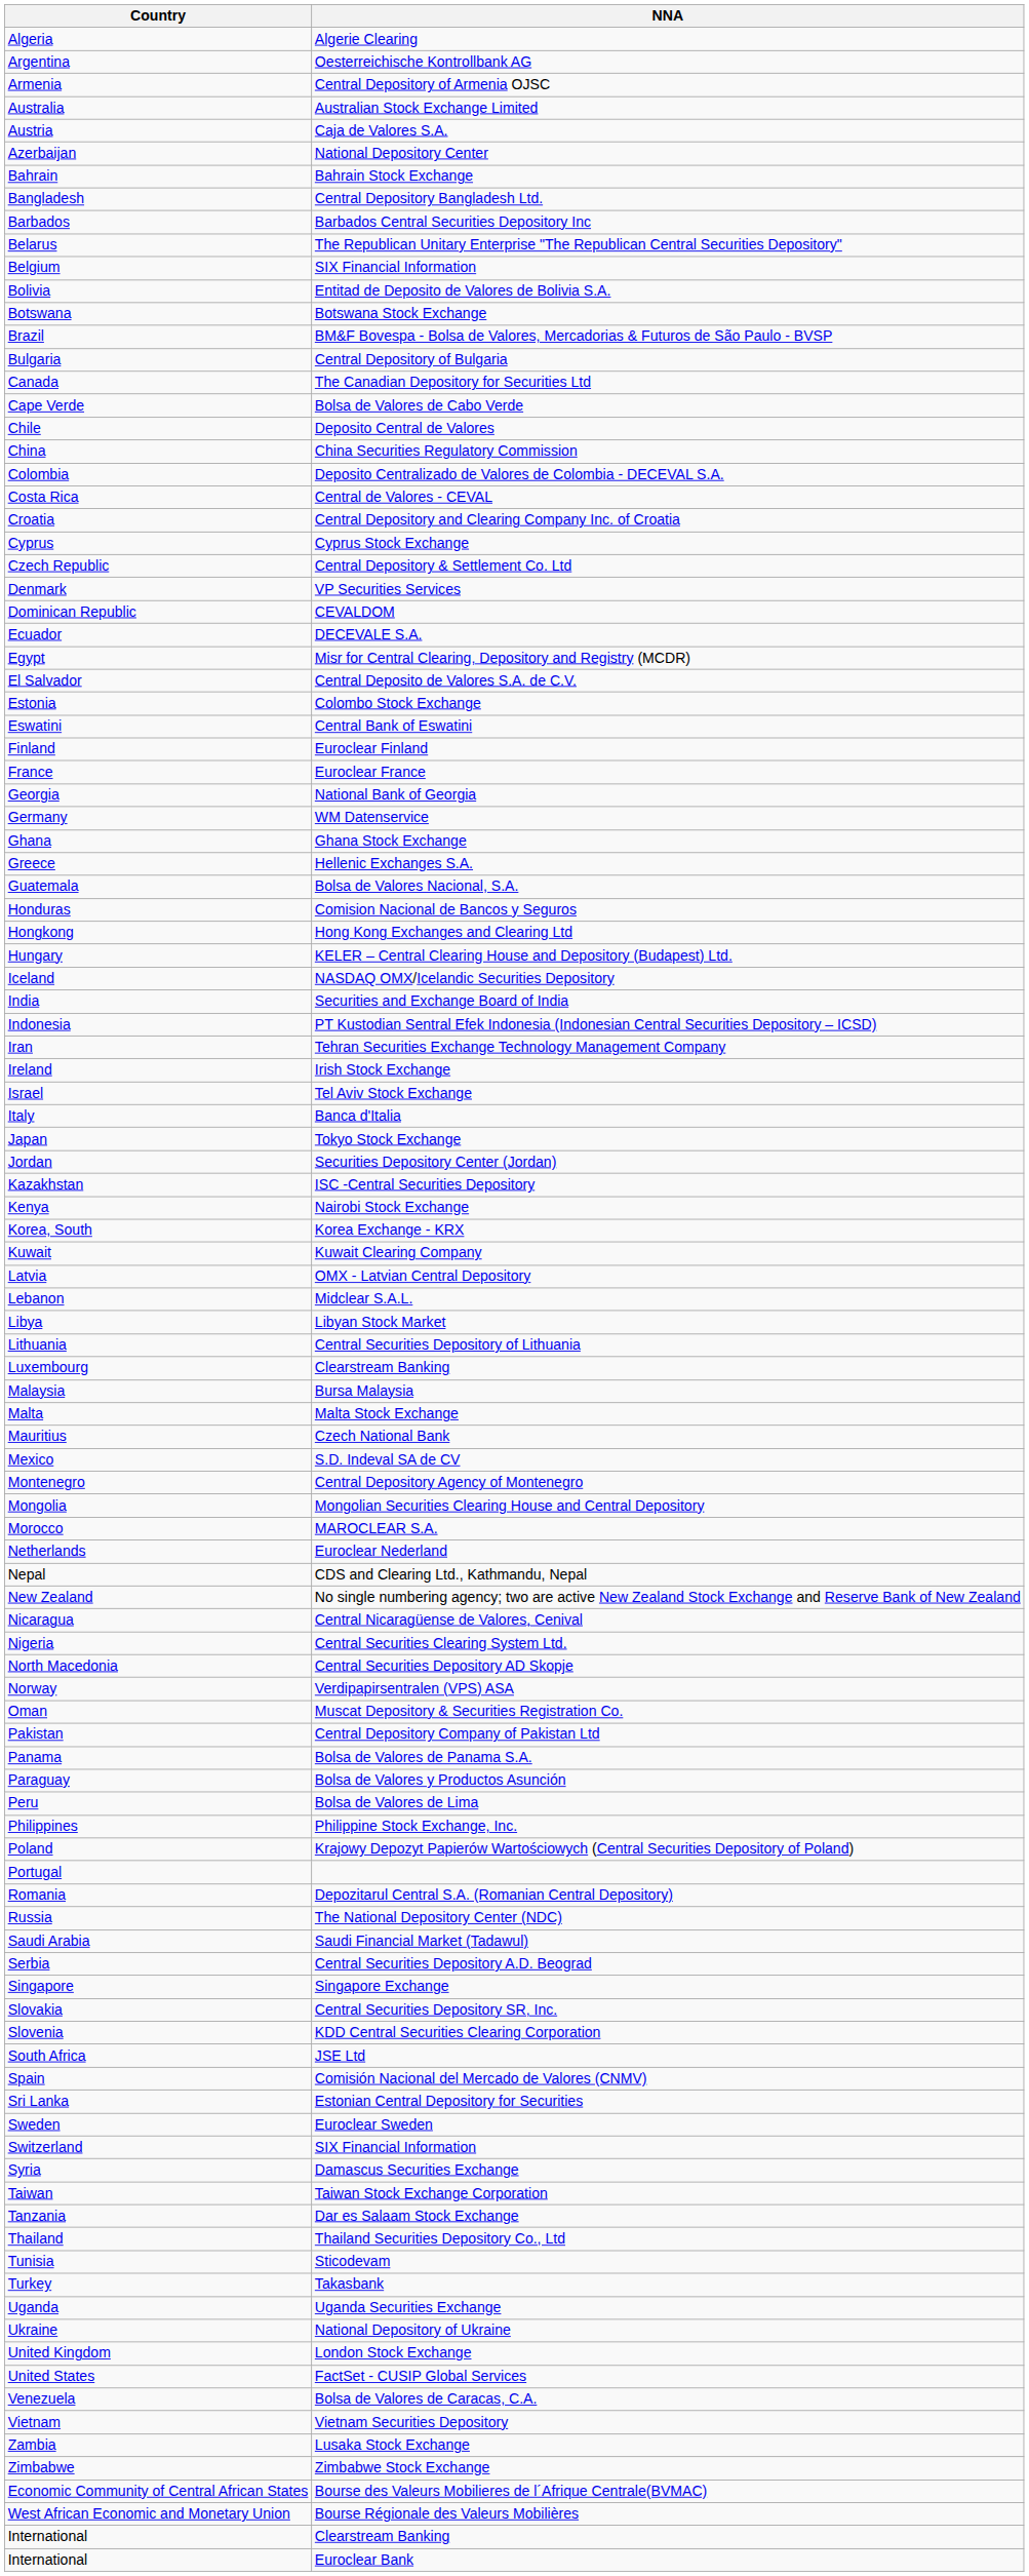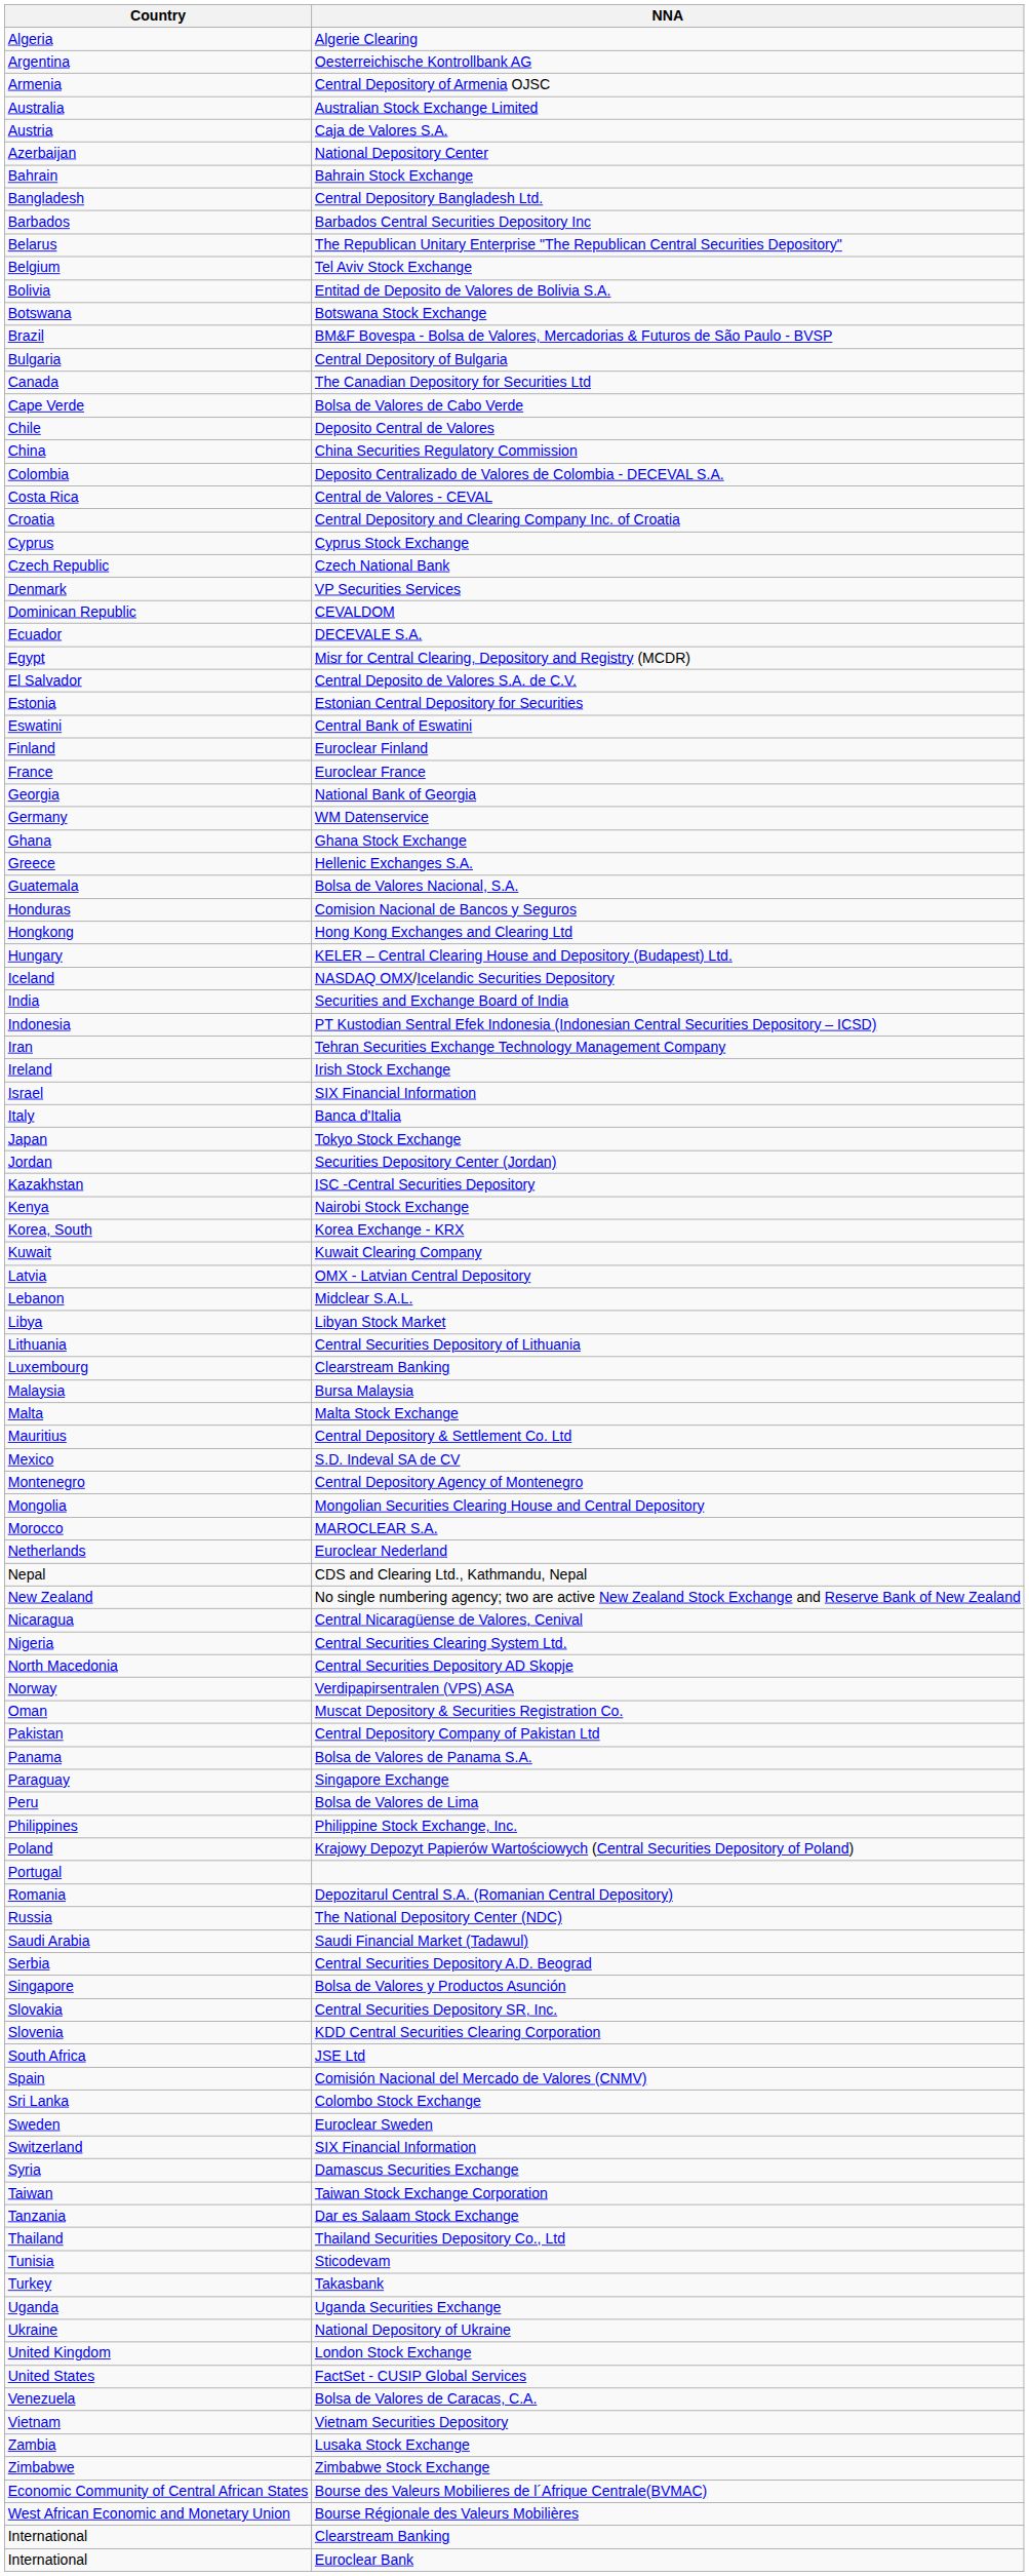 <table class="wikitable">
 <tr>
 <th>Country</th>
 <th>NNA</th>
 </tr>
 <tr>
 <td><a href='#'>Algeria</a></td>
 <td><a href='#'>Algerie Clearing</a></td>
 </tr>
 <tr>
 <td><a href='#'>Argentina</a></td>
 <td><a href='#'>Oesterreichische Kontrollbank AG</a></td>
 </tr>
 <tr>
 <td><a href='#'>Armenia</a></td>
 <td><a href='#'>Central Depository of Armenia</a> OJSC</td>
 </tr>
 <tr>
 <td><a href='#'>Australia</a></td>
 <td><a href='#'>Australian Stock Exchange Limited</a></td>
 </tr>
 <tr>
 <td><a href='#'>Austria</a></td>
 <td><a href='#'>Caja de Valores S.A.</a></td>
 </tr>
 <tr>
 <td><a href='#'>Azerbaijan</a></td>
 <td><a href='#'>National Depository Center</a></td>
 </tr>
 <tr>
 <td><a href='#'>Bahrain</a></td>
 <td><a href='#'>Bahrain Stock Exchange</a></td>
 </tr>
 <tr>
 <td><a href='#'>Bangladesh</a></td>
 <td><a href='#'>Central Depository Bangladesh Ltd.</a></td>
 </tr>
 <tr>
 <td><a href='#'>Barbados</a></td>
 <td><a href='#'>Barbados Central Securities Depository Inc</a></td>
 </tr>
 <tr>
 <td><a href='#'>Belarus</a></td>
 <td><a href='#'>The Republican Unitary Enterprise "The Republican Central Securities Depository"</a></td>
 </tr>
 <tr>
 <td><a href='#'>Belgium</a></td>
-<td><a href='#'>SIX Financial Information</a></td>
+<td><a href='#'>Tel Aviv Stock Exchange</a></td>
 </tr>
 <tr>
 <td><a href='#'>Bolivia</a></td>
 <td><a href='#'>Entitad de Deposito de Valores de Bolivia S.A.</a></td>
 </tr>
 <tr>
 <td><a href='#'>Botswana</a></td>
 <td><a href='#'>Botswana Stock Exchange</a></td>
 </tr>
 <tr>
 <td><a href='#'>Brazil</a></td>
 <td><a href='#'>BM&F Bovespa - Bolsa de Valores, Mercadorias & Futuros de São Paulo - BVSP</a></td>
 </tr>
 <tr>
 <td><a href='#'>Bulgaria</a></td>
 <td><a href='#'>Central Depository of Bulgaria</a></td>
 </tr>
 <tr>
 <td><a href='#'>Canada</a></td>
 <td><a href='#'>The Canadian Depository for Securities Ltd</a></td>
 </tr>
 <tr>
 <td><a href='#'>Cape Verde</a></td>
 <td><a href='#'>Bolsa de Valores de Cabo Verde</a></td>
 </tr>
 <tr>
 <td><a href='#'>Chile</a></td>
 <td><a href='#'>Deposito Central de Valores</a></td>
 </tr>
 <tr>
 <td><a href='#'>China</a></td>
 <td><a href='#'>China Securities Regulatory Commission</a></td>
 </tr>
 <tr>
 <td><a href='#'>Colombia</a></td>
 <td><a href='#'>Deposito Centralizado de Valores de Colombia - DECEVAL S.A.</a></td>
 </tr>
 <tr>
 <td><a href='#'>Costa Rica</a></td>
 <td><a href='#'>Central de Valores - CEVAL</a></td>
 </tr>
 <tr>
 <td><a href='#'>Croatia</a></td>
 <td><a href='#'>Central Depository and Clearing Company Inc. of Croatia</a></td>
 </tr>
 <tr>
 <td><a href='#'>Cyprus</a></td>
 <td><a href='#'>Cyprus Stock Exchange</a></td>
 </tr>
 <tr>
 <td><a href='#'>Czech Republic</a></td>
-<td><a href='#'>Central Depository & Settlement Co. Ltd</a></td>
+<td><a href='#'>Czech National Bank</a></td>
 </tr>
 <tr>
 <td><a href='#'>Denmark</a></td>
 <td><a href='#'>VP Securities Services</a></td>
 </tr>
 <tr>
 <td><a href='#'>Dominican Republic</a></td>
 <td><a href='#'>CEVALDOM</a></td>
 </tr>
 <tr>
 <td><a href='#'>Ecuador</a></td>
 <td><a href='#'>DECEVALE S.A.</a></td>
 </tr>
 <tr>
 <td><a href='#'>Egypt</a></td>
 <td><a href='#'>Misr for Central Clearing, Depository and Registry</a> (MCDR)</td>
 </tr>
 <tr>
 <td><a href='#'>El Salvador</a></td>
 <td><a href='#'>Central Deposito de Valores S.A. de C.V.</a></td>
 </tr>
 <tr>
 <td><a href='#'>Estonia</a></td>
-<td><a href='#'>Colombo Stock Exchange</a></td>
+<td><a href='#'>Estonian Central Depository for Securities</a></td>
 </tr>
 <tr>
 <td><a href='#'>Eswatini</a></td>
 <td><a href='#'>Central Bank of Eswatini</a></td>
 </tr>
 <tr>
 <td><a href='#'>Finland</a></td>
 <td><a href='#'>Euroclear Finland</a></td>
 </tr>
 <tr>
 <td><a href='#'>France</a></td>
 <td><a href='#'>Euroclear France</a></td>
 </tr>
 <tr>
 <td><a href='#'>Georgia</a></td>
 <td><a href='#'>National Bank of Georgia</a></td>
 </tr>
 <tr>
 <td><a href='#'>Germany</a></td>
 <td><a href='#'>WM Datenservice</a></td>
 </tr>
 <tr>
 <td><a href='#'>Ghana</a></td>
 <td><a href='#'>Ghana Stock Exchange</a></td>
 </tr>
 <tr>
 <td><a href='#'>Greece</a></td>
 <td><a href='#'>Hellenic Exchanges S.A.</a></td>
 </tr>
 <tr>
 <td><a href='#'>Guatemala</a></td>
 <td><a href='#'>Bolsa de Valores Nacional, S.A.</a></td>
 </tr>
 <tr>
 <td><a href='#'>Honduras</a></td>
 <td><a href='#'>Comision Nacional de Bancos y Seguros</a></td>
 </tr>
 <tr>
 <td><a href='#'>Hongkong</a></td>
 <td><a href='#'>Hong Kong Exchanges and Clearing Ltd</a></td>
 </tr>
 <tr>
 <td><a href='#'>Hungary</a></td>
 <td><a href='#'>KELER – Central Clearing House and Depository (Budapest) Ltd.</a></td>
 </tr>
 <tr>
 <td><a href='#'>Iceland</a></td>
 <td><a href='#'>NASDAQ OMX</a>/<a href='#'>Icelandic Securities Depository</a></td>
 </tr>
 <tr>
 <td><a href='#'>India</a></td>
 <td><a href='#'>Securities and Exchange Board of India</a></td>
 </tr>
 <tr>
 <td><a href='#'>Indonesia</a></td>
 <td><a href='#'>PT Kustodian Sentral Efek Indonesia (Indonesian Central Securities Depository – ICSD)</a></td>
 </tr>
 <tr>
 <td><a href='#'>Iran</a></td>
 <td><a href='#'>Tehran Securities Exchange Technology Management Company</a></td>
 </tr>
 <tr>
 <td><a href='#'>Ireland</a></td>
 <td><a href='#'>Irish Stock Exchange</a></td>
 </tr>
 <tr>
 <td><a href='#'>Israel</a></td>
-<td><a href='#'>Tel Aviv Stock Exchange</a></td>
+<td><a href='#'>SIX Financial Information</a></td>
 </tr>
 <tr>
 <td><a href='#'>Italy</a></td>
 <td><a href='#'>Banca d'Italia</a></td>
 </tr>
 <tr>
 <td><a href='#'>Japan</a></td>
 <td><a href='#'>Tokyo Stock Exchange</a></td>
 </tr>
 <tr>
 <td><a href='#'>Jordan</a></td>
 <td><a href='#'>Securities Depository Center (Jordan)</a></td>
 </tr>
 <tr>
 <td><a href='#'>Kazakhstan</a></td>
 <td><a href='#'>ISC -Central Securities Depository</a></td>
 </tr>
 <tr>
 <td><a href='#'>Kenya</a></td>
 <td><a href='#'>Nairobi Stock Exchange</a></td>
 </tr>
 <tr>
 <td><a href='#'>Korea, South</a></td>
 <td><a href='#'>Korea Exchange - KRX</a></td>
 </tr>
 <tr>
 <td><a href='#'>Kuwait</a></td>
 <td><a href='#'>Kuwait Clearing Company</a></td>
 </tr>
 <tr>
 <td><a href='#'>Latvia</a></td>
 <td><a href='#'>OMX - Latvian Central Depository</a></td>
 </tr>
 <tr>
 <td><a href='#'>Lebanon</a></td>
 <td><a href='#'>Midclear S.A.L.</a></td>
 </tr>
 <tr>
 <td><a href='#'>Libya</a></td>
 <td><a href='#'>Libyan Stock Market</a></td>
 </tr>
 <tr>
 <td><a href='#'>Lithuania</a></td>
 <td><a href='#'>Central Securities Depository of Lithuania</a></td>
 </tr>
 <tr>
 <td><a href='#'>Luxembourg</a></td>
 <td><a href='#'>Clearstream Banking</a></td>
 </tr>
 <tr>
 <td><a href='#'>Malaysia</a></td>
 <td><a href='#'>Bursa Malaysia</a></td>
 </tr>
 <tr>
 <td><a href='#'>Malta</a></td>
 <td><a href='#'>Malta Stock Exchange</a></td>
 </tr>
 <tr>
 <td><a href='#'>Mauritius</a></td>
-<td><a href='#'>Czech National Bank</a></td>
+<td><a href='#'>Central Depository & Settlement Co. Ltd</a></td>
 </tr>
 <tr>
 <td><a href='#'>Mexico</a></td>
 <td><a href='#'>S.D. Indeval SA de CV</a></td>
 </tr>
 <tr>
 <td><a href='#'>Montenegro</a></td>
 <td><a href='#'>Central Depository Agency of Montenegro</a></td>
 </tr>
 <tr>
 <td><a href='#'>Mongolia</a></td>
 <td><a href='#'>Mongolian Securities Clearing House and Central Depository</a></td>
 </tr>
 <tr>
 <td><a href='#'>Morocco</a></td>
 <td><a href='#'>MAROCLEAR S.A.</a></td>
 </tr>
 <tr>
 <td><a href='#'>Netherlands</a></td>
 <td><a href='#'>Euroclear Nederland</a></td>
 </tr>
 <tr>
 <td>Nepal</td>
 <td>CDS and Clearing Ltd., Kathmandu, Nepal</td>
 </tr>
 <tr>
 <td><a href='#'>New Zealand</a></td>
 <td>No single numbering agency; two are active <a href='#'>New Zealand Stock Exchange</a> and <a href='#'>Reserve Bank of New Zealand</a></td>
 </tr>
 <tr>
 <td><a href='#'>Nicaragua</a></td>
 <td><a href='#'>Central Nicaragüense de Valores, Cenival</a></td>
 </tr>
 <tr>
 <td><a href='#'>Nigeria</a></td>
 <td><a href='#'>Central Securities Clearing System Ltd.</a></td>
 </tr>
 <tr>
 <td><a href='#'>North Macedonia</a></td>
 <td><a href='#'>Central Securities Depository AD Skopje</a></td>
 </tr>
 <tr>
 <td><a href='#'>Norway</a></td>
 <td><a href='#'>Verdipapirsentralen (VPS) ASA</a></td>
 </tr>
 <tr>
 <td><a href='#'>Oman</a></td>
 <td><a href='#'>Muscat Depository & Securities Registration Co.</a></td>
 </tr>
 <tr>
 <td><a href='#'>Pakistan</a></td>
 <td><a href='#'>Central Depository Company of Pakistan Ltd</a></td>
 </tr>
 <tr>
 <td><a href='#'>Panama</a></td>
 <td><a href='#'>Bolsa de Valores de Panama S.A.</a></td>
 </tr>
 <tr>
 <td><a href='#'>Paraguay</a></td>
-<td><a href='#'>Bolsa de Valores y Productos Asunción</a></td>
+<td><a href='#'>Singapore Exchange</a></td>
 </tr>
 <tr>
 <td><a href='#'>Peru</a></td>
 <td><a href='#'>Bolsa de Valores de Lima</a></td>
 </tr>
 <tr>
 <td><a href='#'>Philippines</a></td>
 <td><a href='#'>Philippine Stock Exchange, Inc.</a></td>
 </tr>
 <tr>
 <td><a href='#'>Poland</a></td>
 <td><a href='#'>Krajowy Depozyt Papierów Wartościowych</a> (<a href='#'>Central Securities Depository of Poland</a>)</td>
 </tr>
 <tr>
 <td><a href='#'>Portugal</a></td>
 <td></td>
 </tr>
 <tr>
 <td><a href='#'>Romania</a></td>
 <td><a href='#'>Depozitarul Central S.A. (Romanian Central Depository)</a></td>
 </tr>
 <tr>
 <td><a href='#'>Russia</a></td>
 <td><a href='#'>The National Depository Center (NDC)</a></td>
 </tr>
 <tr>
 <td><a href='#'>Saudi Arabia</a></td>
 <td><a href='#'>Saudi Financial Market (Tadawul)</a></td>
 </tr>
 <tr>
 <td><a href='#'>Serbia</a></td>
 <td><a href='#'>Central Securities Depository A.D. Beograd</a></td>
 </tr>
 <tr>
 <td><a href='#'>Singapore</a></td>
-<td><a href='#'>Singapore Exchange</a></td>
+<td><a href='#'>Bolsa de Valores y Productos Asunción</a></td>
 </tr>
 <tr>
 <td><a href='#'>Slovakia</a></td>
 <td><a href='#'>Central Securities Depository SR, Inc.</a></td>
 </tr>
 <tr>
 <td><a href='#'>Slovenia</a></td>
 <td><a href='#'>KDD Central Securities Clearing Corporation</a></td>
 </tr>
 <tr>
 <td><a href='#'>South Africa</a></td>
 <td><a href='#'>JSE Ltd</a></td>
 </tr>
 <tr>
 <td><a href='#'>Spain</a></td>
 <td><a href='#'>Comisión Nacional del Mercado de Valores (CNMV)</a></td>
 </tr>
 <tr>
 <td><a href='#'>Sri Lanka</a></td>
-<td><a href='#'>Estonian Central Depository for Securities</a></td>
+<td><a href='#'>Colombo Stock Exchange</a></td>
 </tr>
 <tr>
 <td><a href='#'>Sweden</a></td>
 <td><a href='#'>Euroclear Sweden</a></td>
 </tr>
 <tr>
 <td><a href='#'>Switzerland</a></td>
 <td><a href='#'>SIX Financial Information</a></td>
 </tr>
 <tr>
 <td><a href='#'>Syria</a></td>
 <td><a href='#'>Damascus Securities Exchange</a></td>
 </tr>
 <tr>
 <td><a href='#'>Taiwan</a></td>
 <td><a href='#'>Taiwan Stock Exchange Corporation</a></td>
 </tr>
 <tr>
 <td><a href='#'>Tanzania</a></td>
 <td><a href='#'>Dar es Salaam Stock Exchange</a></td>
 </tr>
 <tr>
 <td><a href='#'>Thailand</a></td>
 <td><a href='#'>Thailand Securities Depository Co., Ltd</a></td>
 </tr>
 <tr>
 <td><a href='#'>Tunisia</a></td>
 <td><a href='#'>Sticodevam</a></td>
 </tr>
 <tr>
 <td><a href='#'>Turkey</a></td>
 <td><a href='#'>Takasbank</a></td>
 </tr>
 <tr>
 <td><a href='#'>Uganda</a></td>
 <td><a href='#'>Uganda Securities Exchange</a></td>
 </tr>
 <tr>
 <td><a href='#'>Ukraine</a></td>
 <td><a href='#'>National Depository of Ukraine</a></td>
 </tr>
 <tr>
 <td><a href='#'>United Kingdom</a></td>
 <td><a href='#'>London Stock Exchange</a></td>
 </tr>
 <tr>
 <td><a href='#'>United States</a></td>
 <td><a href='#'>FactSet - CUSIP Global Services</a></td>
 </tr>
 <tr>
 <td><a href='#'>Venezuela</a></td>
 <td><a href='#'>Bolsa de Valores de Caracas, C.A.</a></td>
 </tr>
 <tr>
 <td><a href='#'>Vietnam</a></td>
 <td><a href='#'>Vietnam Securities Depository</a></td>
 </tr>
 <tr>
 <td><a href='#'>Zambia</a></td>
 <td><a href='#'>Lusaka Stock Exchange</a></td>
 </tr>
 <tr>
 <td><a href='#'>Zimbabwe</a></td>
 <td><a href='#'>Zimbabwe Stock Exchange</a></td>
 </tr>
 <tr>
 <td><a href='#'>Economic Community of Central African States</a></td>
 <td><a href='#'>Bourse des Valeurs Mobilieres de l´Afrique Centrale(BVMAC)</a></td>
 </tr>
 <tr>
 <td><a href='#'>West African Economic and Monetary Union</a></td>
 <td><a href='#'>Bourse Régionale des Valeurs Mobilières</a></td>
 </tr>
 <tr>
 <td>International</td>
 <td><a href='#'>Clearstream Banking</a></td>
 </tr>
 <tr>
 <td>International</td>
 <td><a href='#'>Euroclear Bank</a></td>
 </tr>
 </table>
